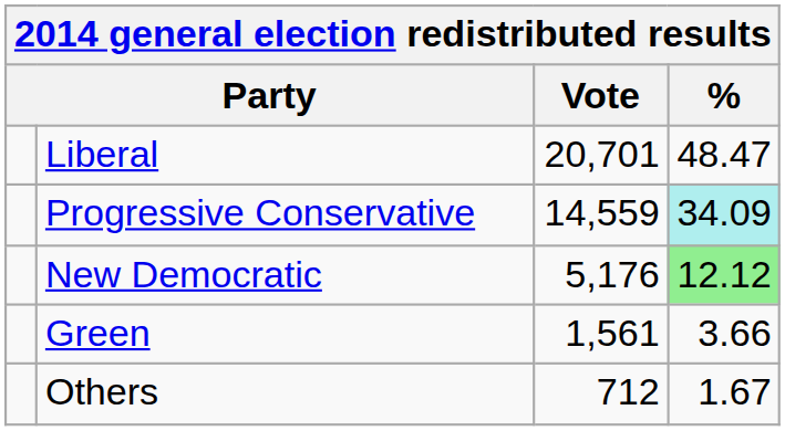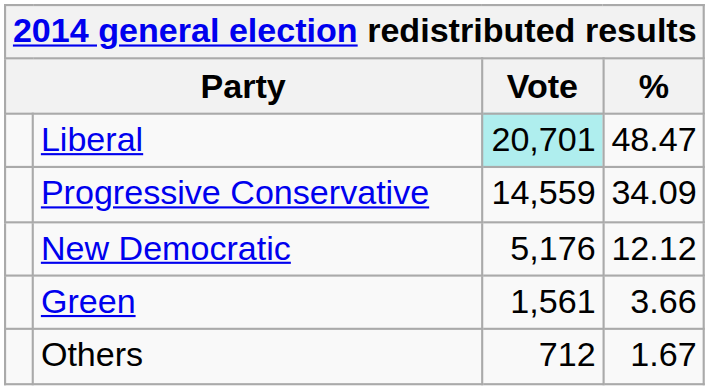 <table class="wikitable">
 <tr>
 <th colspan="4"><a href='#'>2014 general election</a> redistributed results</th>
 </tr>
 <tr>
 <th bgcolor="#DDDDFF" width="130px" colspan="2">Party</th>
 <th bgcolor="#DDDDFF" width="50px">Vote</th>
 <th bgcolor="#DDDDFF" width="30px">%</th>
 </tr>
 <tr>
 <td> </td>
 <td><a href='#'>Liberal</a></td>
-<td align=right>20,701</td>
+<td align=right style="background: paleturquoise;">20,701</td>
 <td align=right>48.47</td>
 </tr>
 <tr>
 <td> </td>
 <td><a href='#'>Progressive Conservative</a></td>
 <td align=right>14,559</td>
-<td align=right style="background: paleturquoise;">34.09</td>
+<td align=right>34.09</td>
 </tr>
 <tr>
 <td> </td>
 <td><a href='#'>New Democratic</a></td>
 <td align=right>5,176</td>
-<td align=right style="background: lightgreen;">12.12</td>
+<td align=right>12.12</td>
 </tr>
 <tr>
 <td> </td>
 <td><a href='#'>Green</a></td>
 <td align=right>1,561</td>
 <td align=right>3.66</td>
 </tr>
 <tr>
 <td> </td>
 <td>Others</td>
 <td align=right>712</td>
 <td align=right>1.67</td>
 </tr>
 </table>
